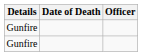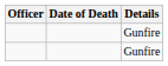 <table class="wikitable">
 <tr>
+<th>Officer</th>
+<th>Date of Death</th>
 <th>Details</th>
-<th>Date of Death</th>
-<th>Officer</th>
 </tr>
 <tr>
-<td>Gunfire</td>
 <td></td>
 <td></td>
+<td>Gunfire</td>
 </tr>
 <tr>
-<td>Gunfire</td>
 <td></td>
 <td></td>
+<td>Gunfire</td>
 </tr>
 </table>
